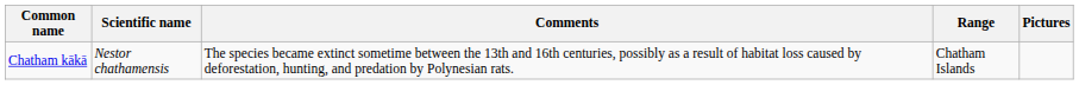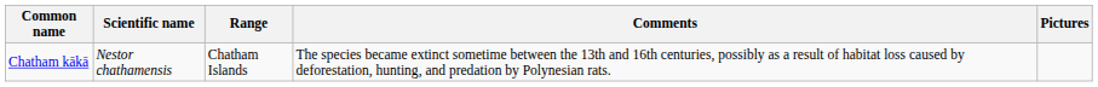 <table class="wikitable">
 <tr>
 <th>Common name</th>
 <th>Scientific name</th>
+<th>Range</th>
 <th class="unsortable">Comments</th>
-<th>Range</th>
 <th class="unsortable">Pictures</th>
 </tr>
 <tr>
 <td><a href='#'>Chatham kākā</a></td>
 <td><em>Nestor chathamensis</em></td>
+<td>Chatham Islands</td>
 <td>The species became extinct sometime between the 13th and 16th centuries, possibly as a result of habitat loss caused by deforestation, hunting, and predation by Polynesian rats.</td>
-<td>Chatham Islands</td>
 <td></td>
 </tr>
 </table>
